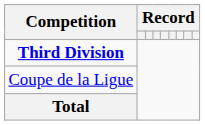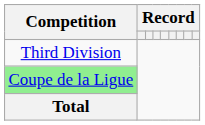 <table class="wikitable" style="text-align: center">
 <tr>
 <th rowspan=2>Competition</th>
 <th colspan=8>Record</th>
 </tr>
 <tr>
 <th></th>
 <th></th>
 <th></th>
 <th></th>
 <th></th>
 <th></th>
 <th></th>
 <th></th>
 </tr>
 <tr>
-<td><strong><a href='#'>Third Division</a><br></strong></td>
+<td><a href='#'>Third Division</a><br></td>
 </tr>
 <tr>
-<td><a href='#'>Coupe de la Ligue</a><br></td>
+<td style="background: lightgreen;"><a href='#'>Coupe de la Ligue</a><br></td>
 </tr>
 <tr>
 <th>Total<br></th>
 </tr>
 </table>
